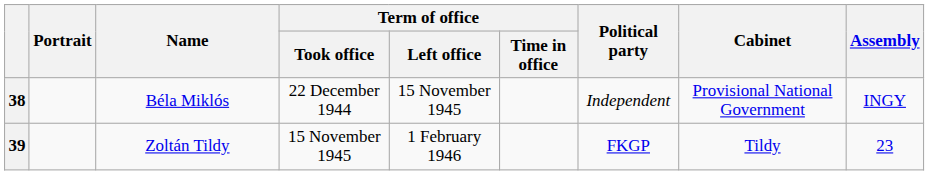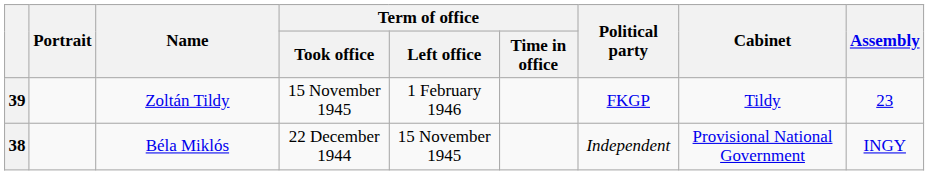 <table class="wikitable" style="text-align:center;">
 <tr>
 <th rowspan=2></th>
 <th rowspan=2>Portrait</th>
 <th width=20% rowspan=2>Name<br></th>
 <th colspan=3>Term of office</th>
 <th rowspan=2>Political party</th>
 <th rowspan=2>Cabinet</th>
 <th rowspan=2><a href='#'>Assembly</a><br></th>
 </tr>
 <tr>
 <th>Took office</th>
 <th>Left office</th>
 <th>Time in office</th>
 </tr>
 <tr>
+<th style="background:">39</th>
+<td></td>
+<td><a href='#'>Zoltán Tildy</a><br></td>
+<td>15 November 1945</td>
+<td>1 February 1946</td>
+<td></td>
+<td><a href='#'>FKGP</a></td>
+<td><a href='#'>Tildy</a><br></td>
+<td><a href='#'>23 </a></td>
+</tr>
+<tr>
 <th style="background:">38</th>
 <td></td>
 <td><a href='#'>Béla Miklós</a><br></td>
 <td>22 December 1944</td>
 <td>15 November 1945</td>
 <td></td>
 <td><em>Independent</em></td>
 <td><a href='#'>Provisional National Government</a><br></td>
 <td><a href='#'>INGY </a></td>
 </tr>
-<tr>
-<th style="background:">39</th>
-<td></td>
-<td><a href='#'>Zoltán Tildy</a><br></td>
-<td>15 November 1945</td>
-<td>1 February 1946</td>
-<td></td>
-<td><a href='#'>FKGP</a></td>
-<td><a href='#'>Tildy</a><br></td>
-<td><a href='#'>23 </a></td>
-</tr>
 </table>
